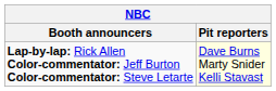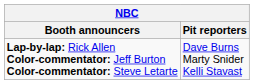 <table class="wikitable" style="font-size: 95%">
 <tr>
 <th colspan="2"><a href='#'>NBC</a></th>
 </tr>
 <tr>
 <th>Booth announcers</th>
 <th>Pit reporters</th>
 </tr>
 <tr>
 <td><strong>Lap-by-lap:</strong> <a href='#'>Rick Allen</a><br><strong>Color-commentator:</strong> <a href='#'>Jeff Burton</a><br><strong>Color-commentator:</strong> <a href='#'>Steve Letarte</a></td>
-<td style="background: lightyellow;"><a href='#'>Dave Burns</a><br>Marty Snider<br><a href='#'>Kelli Stavast</a></td>
+<td><a href='#'>Dave Burns</a><br>Marty Snider<br><a href='#'>Kelli Stavast</a></td>
 </tr>
 </table>
